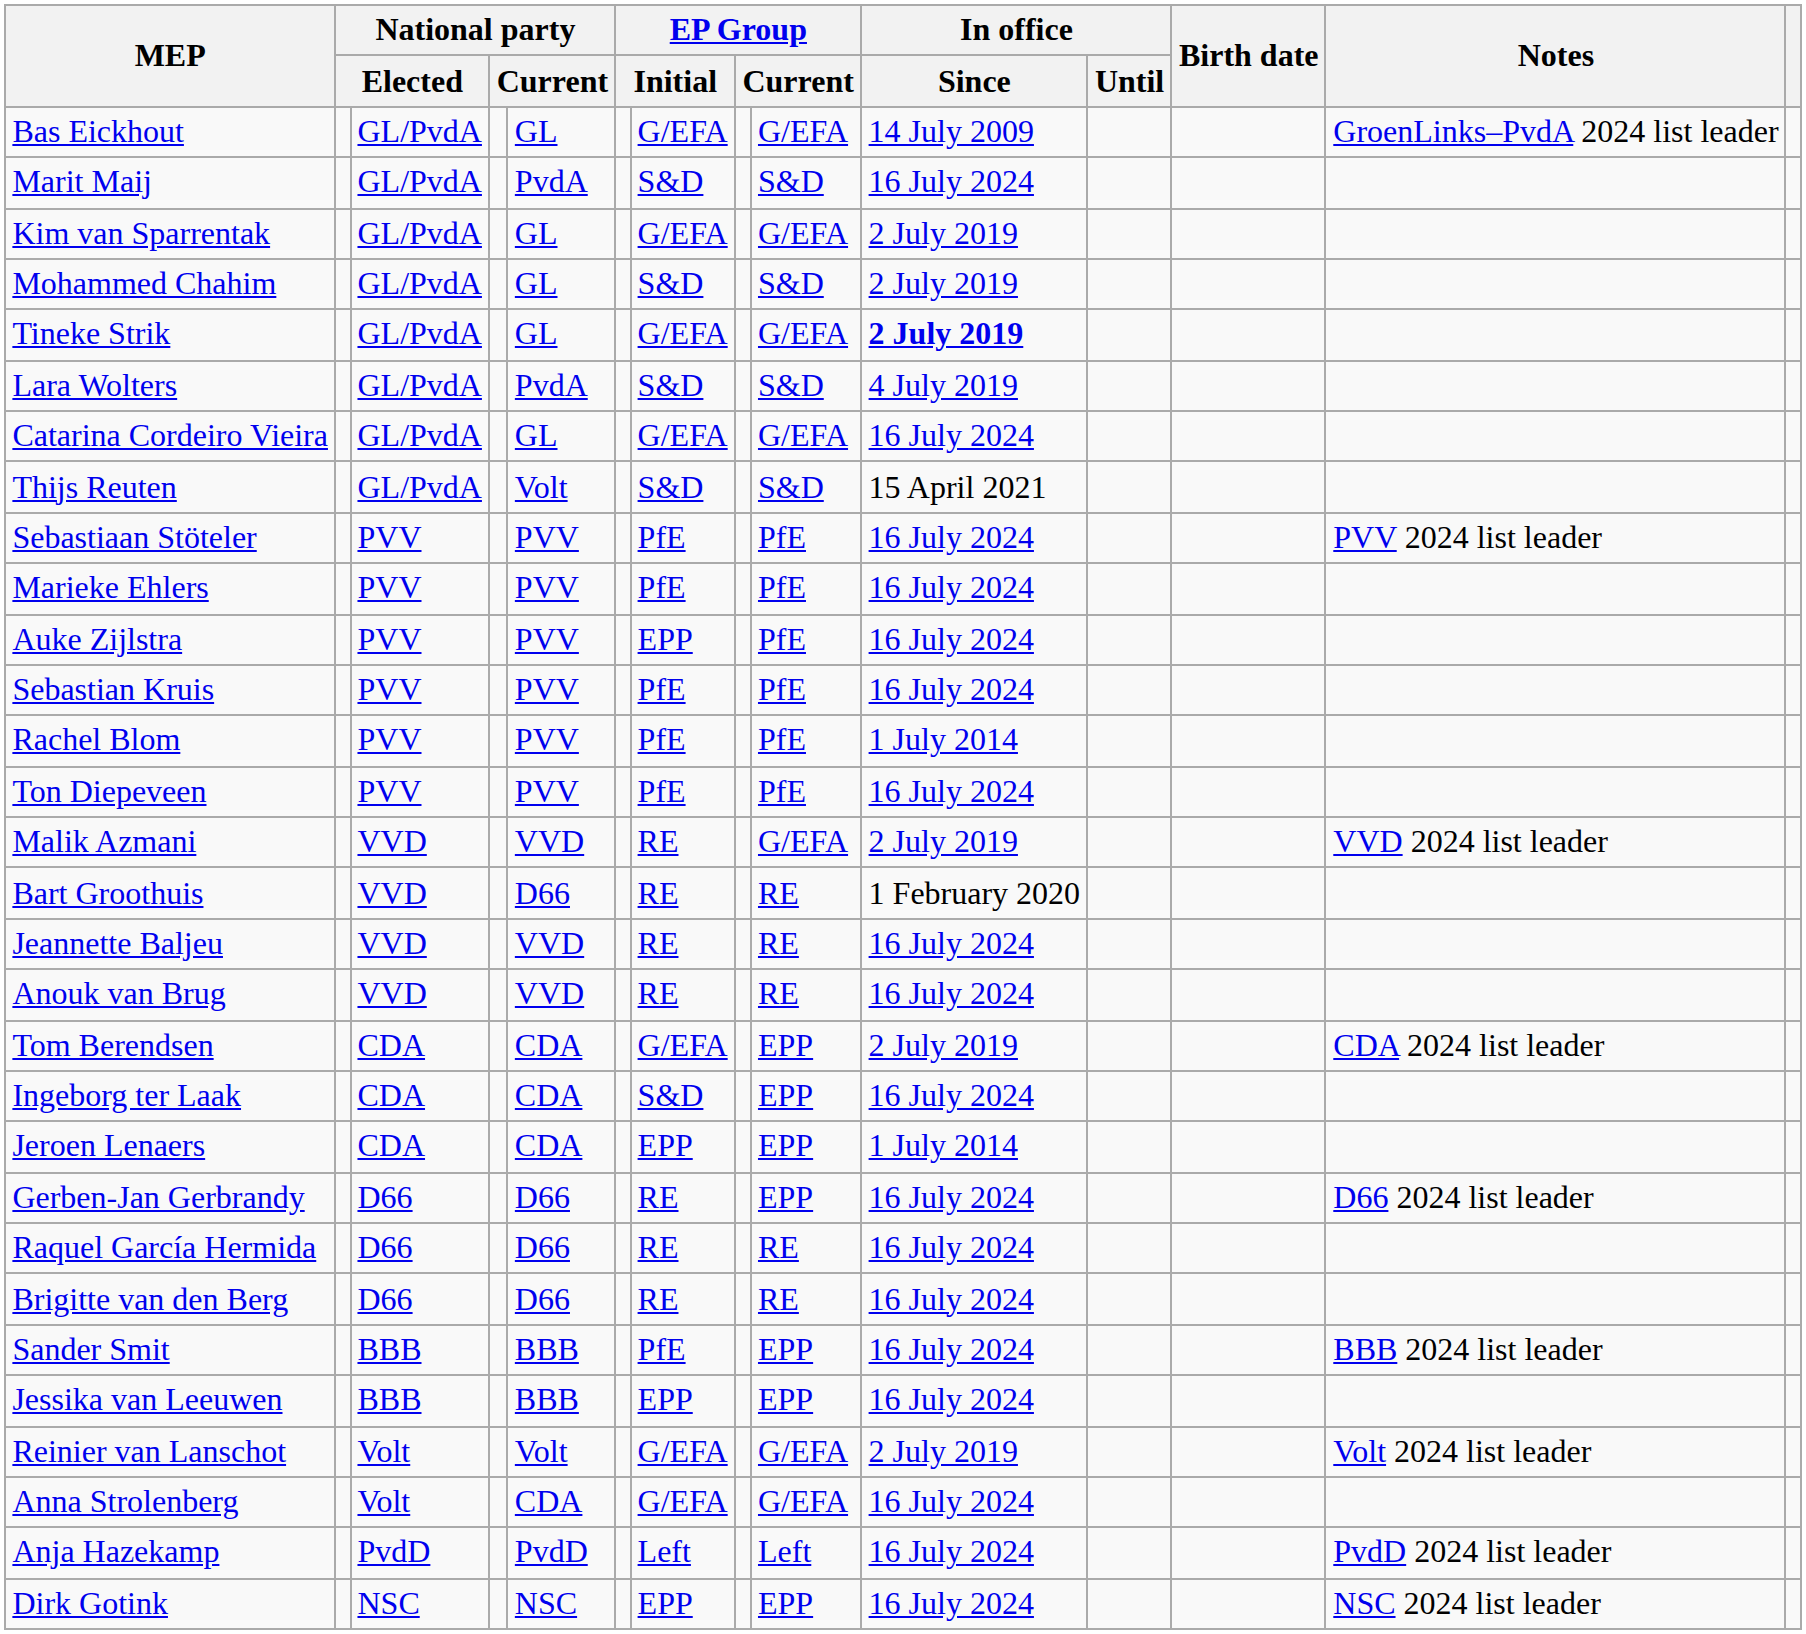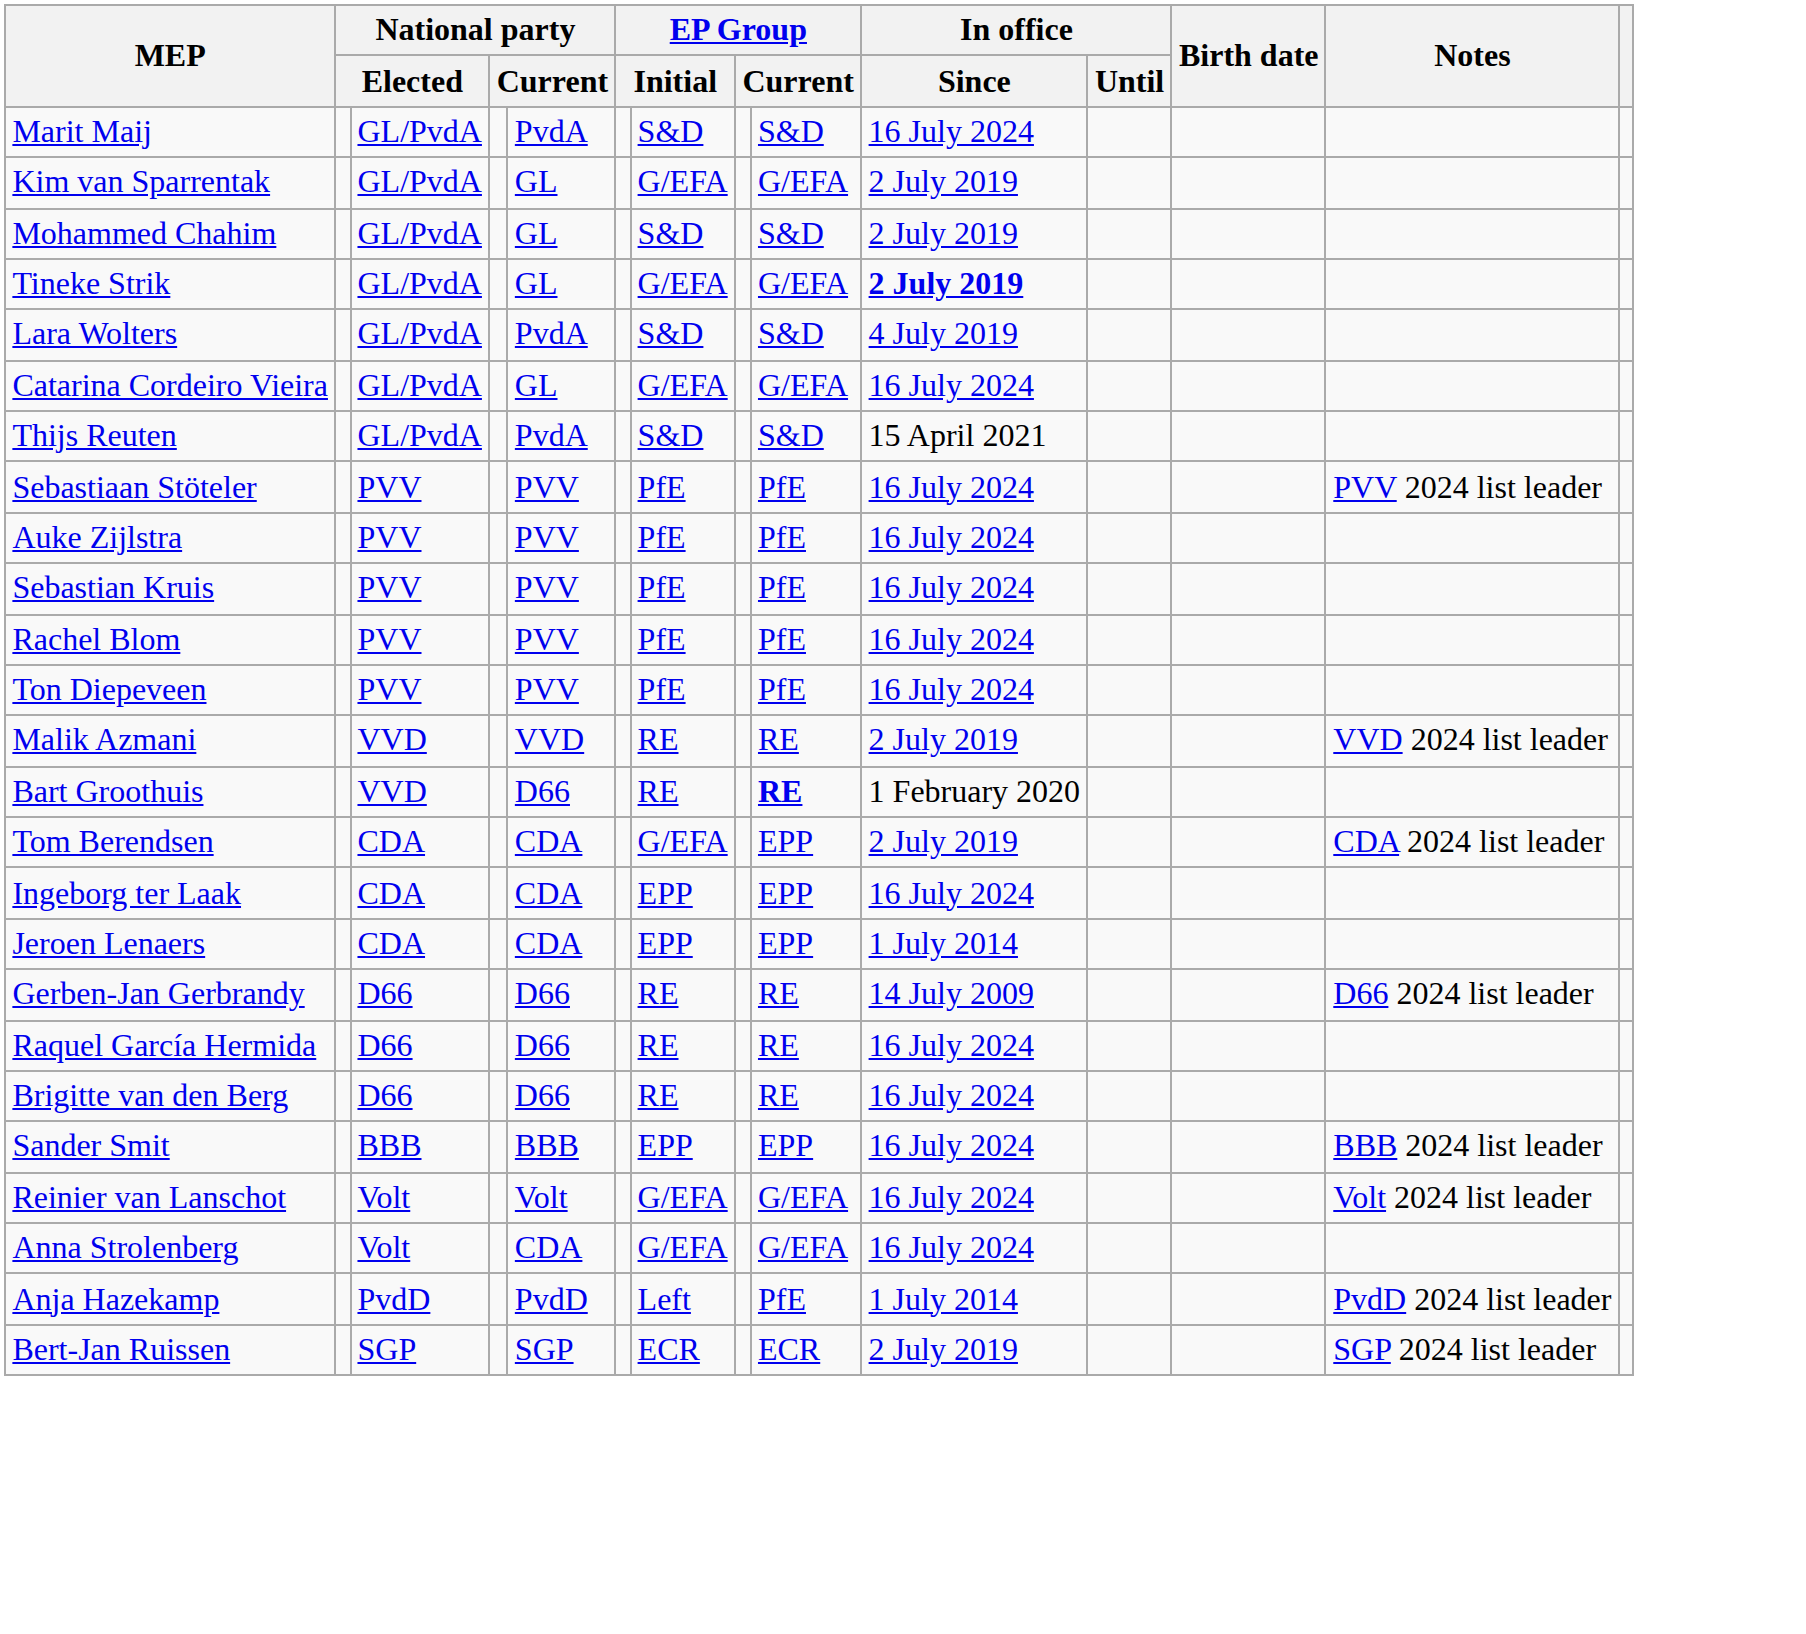 <table class="wikitable sortable" style="text-align:left">
 <tr>
 <th rowspan="2">MEP</th>
 <th colspan="4">National party</th>
 <th colspan="4"><a href='#'>EP Group</a></th>
 <th colspan="2">In office</th>
 <th rowspan="2">Birth date</th>
 <th rowspan="2">Notes</th>
 <th rowspan="2" class="unsortable"></th>
 </tr>
 <tr>
 <th colspan="2">Elected</th>
 <th colspan="2">Current</th>
 <th colspan="2">Initial</th>
 <th colspan="2">Current</th>
 <th>Since</th>
 <th>Until</th>
-</tr>
-<tr>
-<td><a href='#'>Bas Eickhout</a></td>
-<td style="background: "></td>
-<td><a href='#'>GL/PvdA</a></td>
-<td style="background: "></td>
-<td><a href='#'>GL</a></td>
-<td style="background: "></td>
-<td><a href='#'>G/EFA</a></td>
-<td style="background: "></td>
-<td><a href='#'>G/EFA</a></td>
-<td><a href='#'>14 July 2009</a></td>
-<td></td>
-<td></td>
-<td><a href='#'>GroenLinks–PvdA</a> 2024 list leader</td>
-<td></td>
 </tr>
 <tr>
 <td><a href='#'>Marit Maij</a></td>
 <td style="background: "></td>
 <td><a href='#'>GL/PvdA</a></td>
 <td style="background: "></td>
 <td><a href='#'>PvdA</a></td>
 <td style="background: "></td>
 <td><a href='#'>S&D</a></td>
 <td style="background: "></td>
 <td><a href='#'>S&D</a></td>
 <td><a href='#'>16 July 2024</a></td>
 <td></td>
 <td></td>
 <td></td>
 <td></td>
 </tr>
 <tr>
 <td><a href='#'>Kim van Sparrentak</a></td>
 <td style="background: "></td>
 <td><a href='#'>GL/PvdA</a></td>
 <td style="background: "></td>
 <td><a href='#'>GL</a></td>
 <td style="background: "></td>
 <td><a href='#'>G/EFA</a></td>
 <td style="background: "></td>
 <td><a href='#'>G/EFA</a></td>
 <td><a href='#'>2 July 2019</a></td>
 <td></td>
 <td></td>
 <td></td>
 <td></td>
 </tr>
 <tr>
 <td><a href='#'>Mohammed Chahim</a></td>
 <td style="background: "></td>
 <td><a href='#'>GL/PvdA</a></td>
 <td style="background: "></td>
 <td><a href='#'>GL</a></td>
 <td style="background: "></td>
 <td><a href='#'>S&D</a></td>
 <td style="background: "></td>
 <td><a href='#'>S&D</a></td>
 <td><a href='#'>2 July 2019</a></td>
 <td></td>
 <td></td>
 <td></td>
 <td></td>
 </tr>
 <tr>
 <td><a href='#'>Tineke Strik</a></td>
 <td style="background: "></td>
 <td><a href='#'>GL/PvdA</a></td>
 <td style="background: "></td>
 <td><a href='#'>GL</a></td>
 <td style="background: "></td>
 <td><a href='#'>G/EFA</a></td>
 <td style="background: "></td>
 <td><a href='#'>G/EFA</a></td>
 <td><strong><a href='#'>2 July 2019</a></strong></td>
 <td></td>
 <td></td>
 <td></td>
 <td></td>
 </tr>
 <tr>
 <td><a href='#'>Lara Wolters</a></td>
 <td style="background: "></td>
 <td><a href='#'>GL/PvdA</a></td>
 <td style="background: "></td>
 <td><a href='#'>PvdA</a></td>
 <td style="background: "></td>
 <td><a href='#'>S&D</a></td>
 <td style="background: "></td>
 <td><a href='#'>S&D</a></td>
 <td><a href='#'>4 July 2019</a></td>
 <td></td>
 <td></td>
 <td></td>
 <td></td>
 </tr>
 <tr>
 <td><a href='#'>Catarina Cordeiro Vieira</a></td>
 <td style="background: "></td>
 <td><a href='#'>GL/PvdA</a></td>
 <td style="background: "></td>
 <td><a href='#'>GL</a></td>
 <td style="background: "></td>
 <td><a href='#'>G/EFA</a></td>
 <td style="background: "></td>
 <td><a href='#'>G/EFA</a></td>
 <td><a href='#'>16 July 2024</a></td>
 <td></td>
 <td></td>
 <td></td>
 <td></td>
 </tr>
 <tr>
 <td><a href='#'>Thijs Reuten</a></td>
 <td style="background: "></td>
 <td><a href='#'>GL/PvdA</a></td>
 <td style="background: "></td>
-<td><a href='#'>Volt</a></td>
+<td><a href='#'>PvdA</a></td>
 <td style="background: "></td>
 <td><a href='#'>S&D</a></td>
 <td style="background: "></td>
 <td><a href='#'>S&D</a></td>
 <td>15 April 2021</td>
 <td></td>
 <td></td>
 <td></td>
 <td></td>
 </tr>
 <tr>
 <td><a href='#'>Sebastiaan Stöteler</a></td>
 <td style="background: "></td>
 <td><a href='#'>PVV</a></td>
 <td style="background: "></td>
 <td><a href='#'>PVV</a></td>
 <td style="background: "></td>
 <td><a href='#'>PfE</a></td>
 <td style="background: "></td>
 <td><a href='#'>PfE</a></td>
 <td><a href='#'>16 July 2024</a></td>
 <td></td>
 <td></td>
 <td><a href='#'>PVV</a> 2024 list leader</td>
 <td></td>
 </tr>
 <tr>
-<td><a href='#'>Marieke Ehlers</a></td>
+<td><a href='#'>Auke Zijlstra</a></td>
 <td style="background: "></td>
 <td><a href='#'>PVV</a></td>
 <td style="background: "></td>
 <td><a href='#'>PVV</a></td>
 <td style="background: "></td>
 <td><a href='#'>PfE</a></td>
-<td style="background: "></td>
-<td><a href='#'>PfE</a></td>
-<td><a href='#'>16 July 2024</a></td>
-<td></td>
-<td></td>
-<td></td>
-<td></td>
-</tr>
-<tr>
-<td><a href='#'>Auke Zijlstra</a></td>
-<td style="background: "></td>
-<td><a href='#'>PVV</a></td>
-<td style="background: "></td>
-<td><a href='#'>PVV</a></td>
-<td style="background: "></td>
-<td><a href='#'>EPP</a></td>
 <td style="background: "></td>
 <td><a href='#'>PfE</a></td>
 <td><a href='#'>16 July 2024</a></td>
 <td></td>
 <td></td>
 <td></td>
 <td></td>
 </tr>
 <tr>
 <td><a href='#'>Sebastian Kruis</a></td>
 <td style="background: "></td>
 <td><a href='#'>PVV</a></td>
 <td style="background: "></td>
 <td><a href='#'>PVV</a></td>
 <td style="background: "></td>
 <td><a href='#'>PfE</a></td>
 <td style="background: "></td>
 <td><a href='#'>PfE</a></td>
 <td><a href='#'>16 July 2024</a></td>
 <td></td>
 <td></td>
 <td></td>
 <td></td>
 </tr>
 <tr>
 <td><a href='#'>Rachel Blom</a></td>
 <td style="background: "></td>
 <td><a href='#'>PVV</a></td>
 <td style="background: "></td>
 <td><a href='#'>PVV</a></td>
 <td style="background: "></td>
 <td><a href='#'>PfE</a></td>
 <td style="background: "></td>
 <td><a href='#'>PfE</a></td>
-<td><a href='#'>1 July 2014</a></td>
+<td><a href='#'>16 July 2024</a></td>
 <td></td>
 <td></td>
 <td></td>
 <td></td>
 </tr>
 <tr>
 <td><a href='#'>Ton Diepeveen</a></td>
 <td style="background: "></td>
 <td><a href='#'>PVV</a></td>
 <td style="background: "></td>
 <td><a href='#'>PVV</a></td>
 <td style="background: "></td>
 <td><a href='#'>PfE</a></td>
 <td style="background: "></td>
 <td><a href='#'>PfE</a></td>
 <td><a href='#'>16 July 2024</a></td>
 <td></td>
 <td></td>
 <td></td>
 <td></td>
 </tr>
 <tr>
 <td><a href='#'>Malik Azmani</a></td>
 <td style="background: "></td>
 <td><a href='#'>VVD</a></td>
 <td style="background: "></td>
 <td><a href='#'>VVD</a></td>
 <td style="background: "></td>
 <td><a href='#'>RE</a></td>
 <td style="background: "></td>
-<td><a href='#'>G/EFA</a></td>
+<td><a href='#'>RE</a></td>
 <td><a href='#'>2 July 2019</a></td>
 <td></td>
 <td></td>
 <td><a href='#'>VVD</a> 2024 list leader</td>
 <td></td>
 </tr>
 <tr>
 <td><a href='#'>Bart Groothuis</a></td>
 <td style="background: "></td>
 <td><a href='#'>VVD</a></td>
 <td style="background: "></td>
 <td><a href='#'>D66</a></td>
 <td style="background: "></td>
 <td><a href='#'>RE</a></td>
 <td style="background: "></td>
-<td><a href='#'>RE</a></td>
+<td><strong><a href='#'>RE</a></strong></td>
 <td>1 February 2020</td>
-<td></td>
-<td></td>
-<td></td>
-<td></td>
-</tr>
-<tr>
-<td><a href='#'>Jeannette Baljeu</a></td>
-<td style="background: "></td>
-<td><a href='#'>VVD</a></td>
-<td style="background: "></td>
-<td><a href='#'>VVD</a></td>
-<td style="background: "></td>
-<td><a href='#'>RE</a></td>
-<td style="background: "></td>
-<td><a href='#'>RE</a></td>
-<td><a href='#'>16 July 2024</a></td>
-<td></td>
-<td></td>
-<td></td>
-<td></td>
-</tr>
-<tr>
-<td><a href='#'>Anouk van Brug</a></td>
-<td style="background: "></td>
-<td><a href='#'>VVD</a></td>
-<td style="background: "></td>
-<td><a href='#'>VVD</a></td>
-<td style="background: "></td>
-<td><a href='#'>RE</a></td>
-<td style="background: "></td>
-<td><a href='#'>RE</a></td>
-<td><a href='#'>16 July 2024</a></td>
 <td></td>
 <td></td>
 <td></td>
 <td></td>
 </tr>
 <tr>
 <td><a href='#'>Tom Berendsen</a></td>
 <td style="background: "></td>
 <td><a href='#'>CDA</a></td>
 <td style="background: "></td>
 <td><a href='#'>CDA</a></td>
 <td style="background: "></td>
 <td><a href='#'>G/EFA</a></td>
 <td style="background: "></td>
 <td><a href='#'>EPP</a></td>
 <td><a href='#'>2 July 2019</a></td>
 <td></td>
 <td></td>
 <td><a href='#'>CDA</a> 2024 list leader</td>
 <td></td>
 </tr>
 <tr>
 <td><a href='#'>Ingeborg ter Laak</a></td>
 <td style="background: "></td>
 <td><a href='#'>CDA</a></td>
 <td style="background: "></td>
 <td><a href='#'>CDA</a></td>
 <td style="background: "></td>
-<td><a href='#'>S&D</a></td>
+<td><a href='#'>EPP</a></td>
 <td style="background: "></td>
 <td><a href='#'>EPP</a></td>
 <td><a href='#'>16 July 2024</a></td>
 <td></td>
 <td></td>
 <td></td>
 <td></td>
 </tr>
 <tr>
 <td><a href='#'>Jeroen Lenaers</a></td>
 <td style="background: "></td>
 <td><a href='#'>CDA</a></td>
 <td style="background: "></td>
 <td><a href='#'>CDA</a></td>
 <td style="background: "></td>
 <td><a href='#'>EPP</a></td>
 <td style="background: "></td>
 <td><a href='#'>EPP</a></td>
 <td><a href='#'>1 July 2014</a></td>
 <td></td>
 <td></td>
 <td></td>
 <td></td>
 </tr>
 <tr>
 <td><a href='#'>Gerben-Jan Gerbrandy</a></td>
 <td style="background: "></td>
 <td><a href='#'>D66</a></td>
 <td style="background: "></td>
 <td><a href='#'>D66</a></td>
 <td style="background: "></td>
 <td><a href='#'>RE</a></td>
 <td style="background: "></td>
-<td><a href='#'>EPP</a></td>
-<td><a href='#'>16 July 2024</a></td>
+<td><a href='#'>RE</a></td>
+<td><a href='#'>14 July 2009</a></td>
 <td></td>
 <td></td>
 <td><a href='#'>D66</a> 2024 list leader</td>
 <td></td>
 </tr>
 <tr>
 <td><a href='#'>Raquel García Hermida</a></td>
 <td style="background: "></td>
 <td><a href='#'>D66</a></td>
 <td style="background: "></td>
 <td><a href='#'>D66</a></td>
 <td style="background: "></td>
 <td><a href='#'>RE</a></td>
 <td style="background: "></td>
 <td><a href='#'>RE</a></td>
 <td><a href='#'>16 July 2024</a></td>
 <td></td>
 <td></td>
 <td></td>
 <td></td>
 </tr>
 <tr>
 <td><a href='#'>Brigitte van den Berg</a></td>
 <td style="background: "></td>
 <td><a href='#'>D66</a></td>
 <td style="background: "></td>
 <td><a href='#'>D66</a></td>
 <td style="background: "></td>
 <td><a href='#'>RE</a></td>
 <td style="background: "></td>
 <td><a href='#'>RE</a></td>
 <td><a href='#'>16 July 2024</a></td>
 <td></td>
 <td></td>
 <td></td>
 <td></td>
 </tr>
 <tr>
 <td><a href='#'>Sander Smit</a></td>
 <td style="background: "></td>
 <td><a href='#'>BBB</a></td>
 <td style="background: "></td>
 <td><a href='#'>BBB</a></td>
 <td style="background: "></td>
-<td><a href='#'>PfE</a></td>
+<td><a href='#'>EPP</a></td>
 <td style="background: "></td>
 <td><a href='#'>EPP</a></td>
 <td><a href='#'>16 July 2024</a></td>
 <td></td>
 <td></td>
 <td><a href='#'>BBB</a> 2024 list leader</td>
-<td></td>
-</tr>
-<tr>
-<td><a href='#'>Jessika van Leeuwen</a></td>
-<td style="background: "></td>
-<td><a href='#'>BBB</a></td>
-<td style="background: "></td>
-<td><a href='#'>BBB</a></td>
-<td style="background: "></td>
-<td><a href='#'>EPP</a></td>
-<td style="background: "></td>
-<td><a href='#'>EPP</a></td>
-<td><a href='#'>16 July 2024</a></td>
-<td></td>
-<td></td>
-<td></td>
 <td></td>
 </tr>
 <tr>
 <td><a href='#'>Reinier van Lanschot</a></td>
 <td style="background: "></td>
 <td><a href='#'>Volt</a></td>
 <td style="background: "></td>
 <td><a href='#'>Volt</a></td>
 <td style="background: "></td>
 <td><a href='#'>G/EFA</a></td>
 <td style="background: "></td>
 <td><a href='#'>G/EFA</a></td>
-<td><a href='#'>2 July 2019</a></td>
+<td><a href='#'>16 July 2024</a></td>
 <td></td>
 <td></td>
 <td><a href='#'>Volt</a> 2024 list leader</td>
 <td></td>
 </tr>
 <tr>
 <td><a href='#'>Anna Strolenberg</a></td>
 <td style="background: "></td>
 <td><a href='#'>Volt</a></td>
 <td style="background: "></td>
 <td><a href='#'>CDA</a></td>
 <td style="background: "></td>
 <td><a href='#'>G/EFA</a></td>
 <td style="background: "></td>
 <td><a href='#'>G/EFA</a></td>
 <td><a href='#'>16 July 2024</a></td>
 <td></td>
 <td></td>
 <td></td>
 <td></td>
 </tr>
 <tr>
 <td><a href='#'>Anja Hazekamp</a></td>
 <td style="background: "></td>
 <td><a href='#'>PvdD</a></td>
 <td style="background: "></td>
 <td><a href='#'>PvdD</a></td>
 <td style="background: "></td>
 <td><a href='#'>Left</a></td>
 <td style="background: "></td>
-<td><a href='#'>Left</a></td>
-<td><a href='#'>16 July 2024</a></td>
+<td><a href='#'>PfE</a></td>
+<td><a href='#'>1 July 2014</a></td>
 <td></td>
 <td></td>
 <td><a href='#'>PvdD</a> 2024 list leader</td>
 <td></td>
 </tr>
 <tr>
-<td><a href='#'>Dirk Gotink</a></td>
+<td><a href='#'>Bert-Jan Ruissen</a></td>
 <td style="background: "></td>
-<td><a href='#'>NSC</a></td>
+<td><a href='#'>SGP</a></td>
 <td style="background: "></td>
-<td><a href='#'>NSC</a></td>
+<td><a href='#'>SGP</a></td>
 <td style="background: "></td>
-<td><a href='#'>EPP</a></td>
+<td><a href='#'>ECR</a></td>
 <td style="background: "></td>
-<td><a href='#'>EPP</a></td>
-<td><a href='#'>16 July 2024</a></td>
+<td><a href='#'>ECR</a></td>
+<td><a href='#'>2 July 2019</a></td>
 <td></td>
 <td></td>
-<td><a href='#'>NSC</a> 2024 list leader</td>
+<td><a href='#'>SGP</a> 2024 list leader</td>
 <td></td>
 </tr>
 <tr>
 </tr>
 </table>
